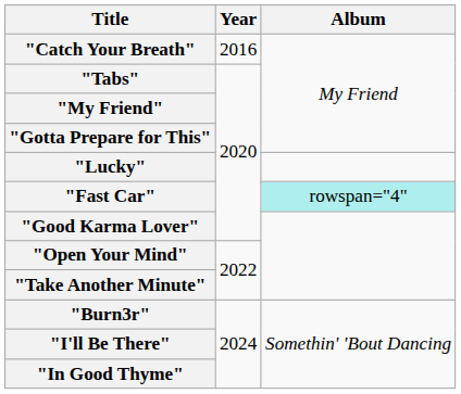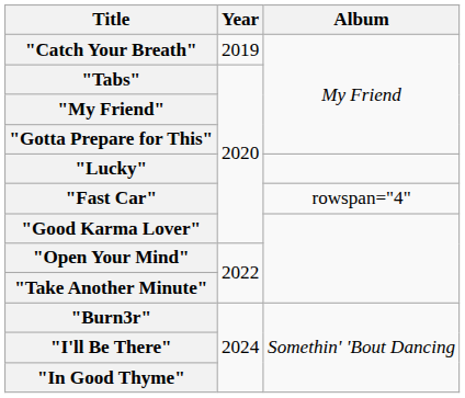 <table class="wikitable plainrowheaders" style="text-align:center;">
 <tr>
 <th>Title</th>
 <th>Year</th>
 <th>Album</th>
 </tr>
 <tr>
 <th scope="row">"Catch Your Breath"</th>
-<td>2016</td>
+<td>2019</td>
 <td rowspan="4"><em>My Friend</em></td>
 </tr>
 <tr>
 <th scope="row">"Tabs"</th>
 <td rowspan="6">2020</td>
 </tr>
 <tr>
 <th scope="row">"My Friend"</th>
 </tr>
 <tr>
 <th scope="row">"Gotta Prepare for This"</th>
 </tr>
 <tr>
 <th scope="row">"Lucky"<br></th>
 <td></td>
 </tr>
 <tr>
 <th scope="row">"Fast Car"<br></th>
-<td style="background: paleturquoise;">rowspan="4" </td>
+<td>rowspan="4" </td>
 </tr>
 <tr>
 <th scope="row">"Good Karma Lover"</th>
 </tr>
 <tr>
 <th scope="row">"Open Your Mind"</th>
 <td rowspan="2">2022</td>
 </tr>
 <tr>
 <th scope="row">"Take Another Minute"</th>
 </tr>
 <tr>
 <th scope="row">"Burn3r"</th>
 <td rowspan="3">2024</td>
 <td rowspan="3"><em>Somethin' 'Bout Dancing</em></td>
 </tr>
 <tr>
 <th scope="row">"I'll Be There"</th>
 </tr>
 <tr>
 <th scope="row">"In Good Thyme"</th>
 </tr>
 </table>
